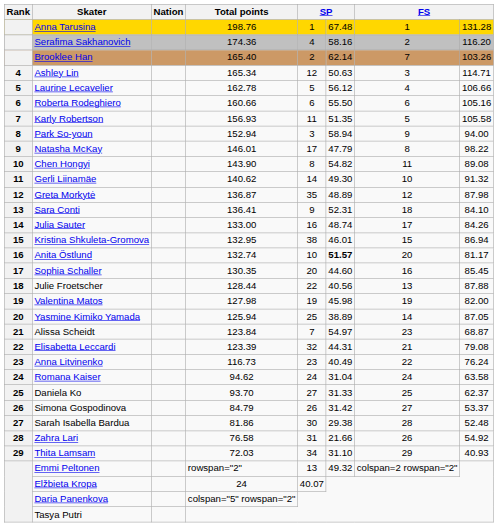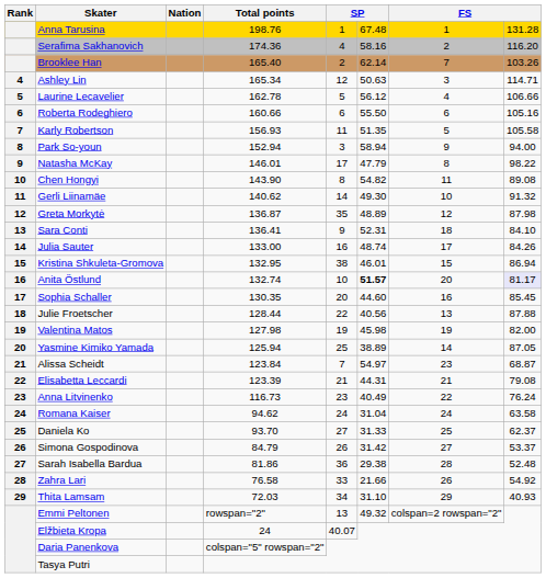 <table class="wikitable sortable" style="text-align:left">
 <tr>
 <th scope="col">Rank</th>
 <th scope="col">Skater</th>
 <th scope="col">Nation</th>
 <th scope="col">Total points</th>
 <th scope="col" colspan="2" width="80px"><a href='#'>SP</a></th>
 <th scope="col" colspan="2" width="80px"><a href='#'>FS</a></th>
 </tr>
 <tr bgcolor="gold">
 <th scope="row"></th>
 <td><a href='#'>Anna Tarusina</a></td>
 <td></td>
 <td align="center">198.76</td>
 <td align="center">1</td>
 <td align="center">67.48</td>
 <td align="center">1</td>
 <td align="center">131.28</td>
 </tr>
 <tr bgcolor="silver">
 <th scope="row"></th>
 <td><a href='#'>Serafima Sakhanovich</a></td>
 <td></td>
 <td align="center">174.36</td>
 <td align="center">4</td>
 <td align="center">58.16</td>
 <td align="center">2</td>
 <td align="center">116.20</td>
 </tr>
 <tr bgcolor="cc9966">
 <th scope="row"></th>
 <td><a href='#'>Brooklee Han</a></td>
 <td></td>
 <td align="center">165.40</td>
 <td align="center">2</td>
 <td align="center">62.14</td>
 <td align="center">7</td>
 <td align="center">103.26</td>
 </tr>
 <tr>
 <th scope="row">4</th>
 <td><a href='#'>Ashley Lin</a></td>
 <td></td>
 <td align="center">165.34</td>
 <td align="center">12</td>
 <td align="center">50.63</td>
 <td align="center">3</td>
 <td align="center">114.71</td>
 </tr>
 <tr>
 <th scope="row">5</th>
 <td><a href='#'>Laurine Lecavelier</a></td>
 <td></td>
 <td align="center">162.78</td>
 <td align="center">5</td>
 <td align="center">56.12</td>
 <td align="center">4</td>
 <td align="center">106.66</td>
 </tr>
 <tr>
 <th scope="row">6</th>
 <td><a href='#'>Roberta Rodeghiero</a></td>
 <td></td>
 <td align="center">160.66</td>
 <td align="center">6</td>
 <td align="center">55.50</td>
 <td align="center">6</td>
 <td align="center">105.16</td>
 </tr>
 <tr>
 <th scope="row">7</th>
 <td><a href='#'>Karly Robertson</a></td>
 <td></td>
 <td align="center">156.93</td>
 <td align="center">11</td>
 <td align="center">51.35</td>
 <td align="center">5</td>
 <td align="center">105.58</td>
 </tr>
 <tr>
 <th scope="row">8</th>
 <td><a href='#'>Park So-youn</a></td>
 <td></td>
 <td align="center">152.94</td>
 <td align="center">3</td>
 <td align="center">58.94</td>
 <td align="center">9</td>
 <td align="center">94.00</td>
 </tr>
 <tr>
 <th scope="row">9</th>
 <td><a href='#'>Natasha McKay</a></td>
 <td></td>
 <td align="center">146.01</td>
 <td align="center">17</td>
 <td align="center">47.79</td>
 <td align="center">8</td>
 <td align="center">98.22</td>
 </tr>
 <tr>
 <th scope="row">10</th>
 <td><a href='#'>Chen Hongyi</a></td>
 <td></td>
 <td align="center">143.90</td>
 <td align="center">8</td>
 <td align="center">54.82</td>
 <td align="center">11</td>
 <td align="center">89.08</td>
 </tr>
 <tr>
 <th scope="row">11</th>
 <td><a href='#'>Gerli Liinamäe</a></td>
 <td></td>
 <td align="center">140.62</td>
 <td align="center">14</td>
 <td align="center">49.30</td>
 <td align="center">10</td>
 <td align="center">91.32</td>
 </tr>
 <tr>
 <th scope="row">12</th>
 <td><a href='#'>Greta Morkytė</a></td>
 <td></td>
 <td align="center">136.87</td>
 <td align="center">35</td>
 <td align="center">48.89</td>
 <td align="center">12</td>
 <td align="center">87.98</td>
 </tr>
 <tr>
 <th scope="row">13</th>
 <td><a href='#'>Sara Conti</a></td>
 <td></td>
 <td align="center">136.41</td>
 <td align="center">9</td>
 <td align="center">52.31</td>
 <td align="center">18</td>
 <td align="center">84.10</td>
 </tr>
 <tr>
 <th scope="row">14</th>
 <td><a href='#'>Julia Sauter</a></td>
 <td></td>
 <td align="center">133.00</td>
 <td align="center">16</td>
 <td align="center">48.74</td>
 <td align="center">17</td>
 <td align="center">84.26</td>
 </tr>
 <tr>
 <th scope="row">15</th>
 <td><a href='#'>Kristina Shkuleta-Gromova</a></td>
 <td></td>
 <td align="center">132.95</td>
 <td align="center">38</td>
 <td align="center">46.01</td>
 <td align="center">15</td>
 <td align="center">86.94</td>
 </tr>
 <tr>
 <th scope="row">16</th>
 <td><a href='#'>Anita Östlund</a></td>
 <td></td>
 <td align="center">132.74</td>
 <td align="center">10</td>
 <td align="center"><strong>51.57</strong></td>
 <td align="center">20</td>
-<td align="center">81.17</td>
+<td align="center" style="background: lavender;">81.17</td>
 </tr>
 <tr>
 <th scope="row">17</th>
 <td><a href='#'>Sophia Schaller</a></td>
 <td></td>
 <td align="center">130.35</td>
 <td align="center">20</td>
 <td align="center">44.60</td>
 <td align="center">16</td>
 <td align="center">85.45</td>
 </tr>
 <tr>
 <th scope="row">18</th>
 <td>Julie Froetscher</td>
 <td></td>
 <td align="center">128.44</td>
 <td align="center">22</td>
 <td align="center">40.56</td>
 <td align="center">13</td>
 <td align="center">87.88</td>
 </tr>
 <tr>
 <th scope="row">19</th>
 <td><a href='#'>Valentina Matos</a></td>
 <td></td>
 <td align="center">127.98</td>
 <td align="center">19</td>
 <td align="center">45.98</td>
 <td align="center">19</td>
 <td align="center">82.00</td>
 </tr>
 <tr>
 <th scope="row">20</th>
 <td><a href='#'>Yasmine Kimiko Yamada</a></td>
 <td></td>
 <td align="center">125.94</td>
 <td align="center">25</td>
 <td align="center">38.89</td>
 <td align="center">14</td>
 <td align="center">87.05</td>
 </tr>
 <tr>
 <th scope="row">21</th>
 <td>Alissa Scheidt</td>
 <td></td>
 <td align="center">123.84</td>
 <td align="center">7</td>
 <td align="center">54.97</td>
 <td align="center">23</td>
 <td align="center">68.87</td>
 </tr>
 <tr>
 <th scope="row">22</th>
 <td><a href='#'>Elisabetta Leccardi</a></td>
 <td></td>
 <td align="center">123.39</td>
-<td align="center">32</td>
+<td align="center">21</td>
 <td align="center">44.31</td>
 <td align="center">21</td>
 <td align="center">79.08</td>
 </tr>
 <tr>
 <th scope="row">23</th>
 <td><a href='#'>Anna Litvinenko</a></td>
 <td></td>
 <td align="center">116.73</td>
 <td align="center">23</td>
 <td align="center">40.49</td>
 <td align="center">22</td>
 <td align="center">76.24</td>
 </tr>
 <tr>
 <th scope="row">24</th>
 <td><a href='#'>Romana Kaiser</a></td>
 <td></td>
 <td align="center">94.62</td>
 <td align="center">24</td>
 <td align="center">31.04</td>
 <td align="center">24</td>
 <td align="center">63.58</td>
 </tr>
 <tr>
 <th scope="row">25</th>
 <td>Daniela Ko</td>
 <td></td>
 <td align="center">93.70</td>
 <td align="center">27</td>
 <td align="center">31.33</td>
 <td align="center">25</td>
 <td align="center">62.37</td>
 </tr>
 <tr>
 <th scope="row">26</th>
 <td>Simona Gospodinova</td>
 <td></td>
 <td align="center">84.79</td>
 <td align="center">26</td>
 <td align="center">31.42</td>
 <td align="center">27</td>
 <td align="center">53.37</td>
 </tr>
 <tr>
 <th scope="row">27</th>
 <td>Sarah Isabella Bardua</td>
 <td></td>
 <td align="center">81.86</td>
-<td align="center">30</td>
+<td align="center">36</td>
 <td align="center">29.38</td>
 <td align="center">28</td>
 <td align="center">52.48</td>
 </tr>
 <tr>
 <th scope="row">28</th>
 <td><a href='#'>Zahra Lari</a></td>
 <td></td>
 <td align="center">76.58</td>
-<td align="center">31</td>
+<td align="center">33</td>
 <td align="center">21.66</td>
 <td align="center">26</td>
 <td align="center">54.92</td>
 </tr>
 <tr>
 <th scope="row">29</th>
 <td><a href='#'>Thita Lamsam</a></td>
 <td></td>
 <td align="center">72.03</td>
 <td align="center">34</td>
 <td align="center">31.10</td>
 <td align="center">29</td>
 <td align="center">40.93</td>
 </tr>
 <tr>
 <th rowspan="4"></th>
 <td><a href='#'>Emmi Peltonen</a></td>
 <td></td>
 <td>rowspan="2" </td>
 <td align="center">13</td>
 <td align="center">49.32</td>
 <td>colspan=2 rowspan="2" </td>
 </tr>
 <tr>
 <td><a href='#'>Elžbieta Kropa</a></td>
 <td></td>
 <td align="center">24</td>
 <td align="center">40.07</td>
 </tr>
 <tr>
 <td><a href='#'>Daria Panenkova</a></td>
 <td></td>
 <td>colspan="5" rowspan="2" </td>
 </tr>
 <tr>
 <td>Tasya Putri</td>
 <td></td>
 </tr>
 </table>
